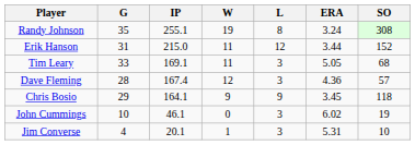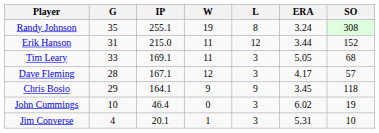 <table class="wikitable sortable">
 <tr>
 <th bgcolor="#DDDDFF" width="16%">Player</th>
 <th bgcolor="#DDDDFF" width="9%">G</th>
 <th bgcolor="#DDDDFF" width="9%">IP</th>
 <th bgcolor="#DDDDFF" width="9%">W</th>
 <th bgcolor="#DDDDFF" width="9%">L</th>
 <th bgcolor="#DDDDFF" width="9%">ERA</th>
 <th bgcolor="#DDDDFF" width="9%">SO</th>
 </tr>
 <tr align="center">
 <td><a href='#'>Randy Johnson</a></td>
 <td>35</td>
 <td>255.1</td>
 <td>19</td>
 <td>8</td>
 <td>3.24</td>
 <td style="background:#DDFFDD;">308</td>
 </tr>
 <tr align="center">
 <td><a href='#'>Erik Hanson</a></td>
 <td>31</td>
 <td>215.0</td>
 <td>11</td>
 <td>12</td>
 <td>3.44</td>
 <td>152</td>
 </tr>
 <tr align="center">
 <td><a href='#'>Tim Leary</a></td>
 <td>33</td>
 <td>169.1</td>
 <td>11</td>
 <td>3</td>
 <td>5.05</td>
 <td>68</td>
 </tr>
 <tr align="center">
 <td><a href='#'>Dave Fleming</a></td>
 <td>28</td>
-<td>167.4</td>
+<td>167.1</td>
 <td>12</td>
 <td>3</td>
-<td>4.36</td>
+<td>4.17</td>
 <td>57</td>
 </tr>
 <tr align="center">
 <td><a href='#'>Chris Bosio</a></td>
 <td>29</td>
 <td>164.1</td>
 <td>9</td>
 <td>9</td>
 <td>3.45</td>
 <td>118</td>
 </tr>
 <tr align="center">
 <td><a href='#'>John Cummings</a></td>
 <td>10</td>
-<td>46.1</td>
+<td>46.4</td>
 <td>0</td>
 <td>3</td>
 <td>6.02</td>
 <td>19</td>
 </tr>
 <tr align="center">
 <td><a href='#'>Jim Converse</a></td>
 <td>4</td>
 <td>20.1</td>
 <td>1</td>
 <td>3</td>
 <td>5.31</td>
 <td>10</td>
 </tr>
 </table>
